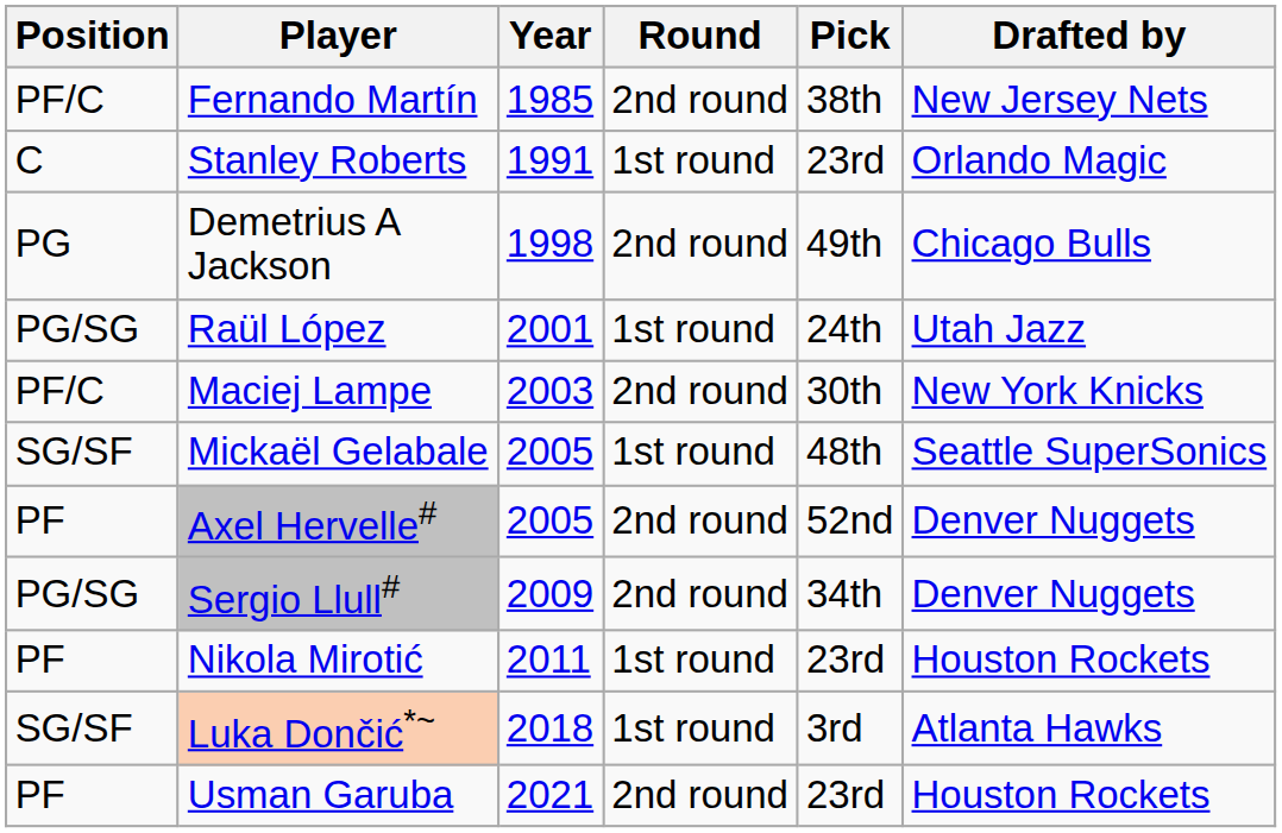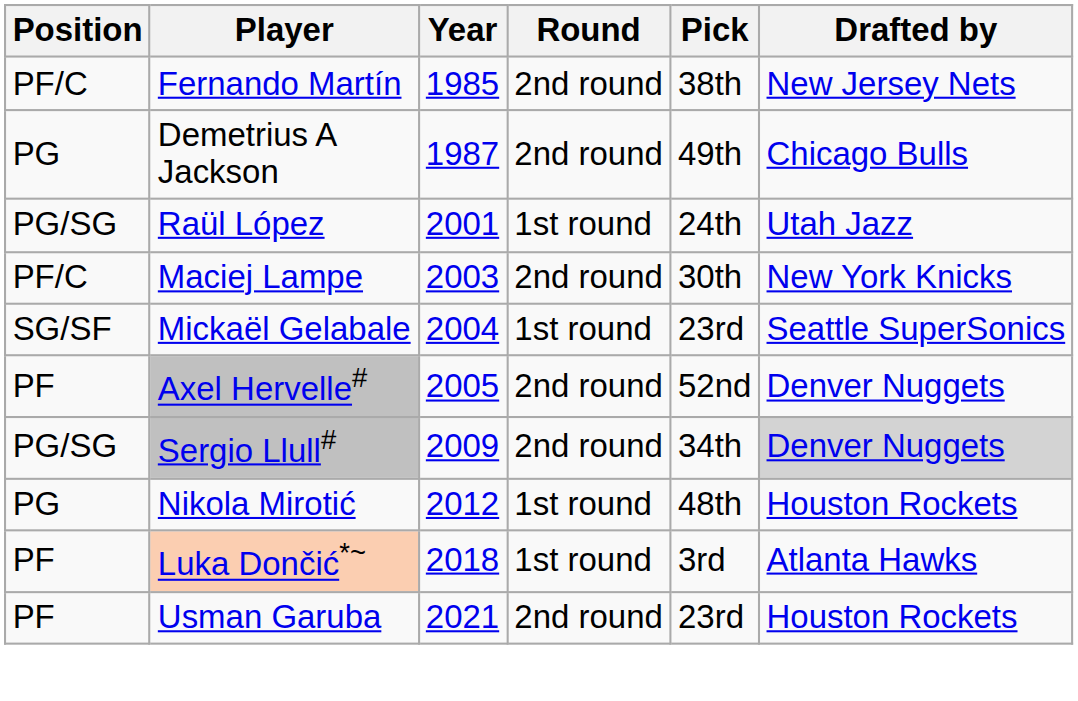 <table class="wikitable sortable" style="text-align: left;">
 <tr>
 <th>Position</th>
 <th>Player</th>
 <th>Year</th>
 <th>Round</th>
 <th>Pick</th>
 <th>Drafted by</th>
 </tr>
 <tr>
 <td>PF/C</td>
 <td> <a href='#'>Fernando Martín</a></td>
 <td><a href='#'>1985</a></td>
 <td>2nd round</td>
 <td>38th</td>
 <td><a href='#'>New Jersey Nets</a></td>
 </tr>
 <tr>
-<td>C</td>
-<td> <a href='#'>Stanley Roberts</a></td>
-<td><a href='#'>1991</a></td>
-<td>1st round</td>
-<td>23rd</td>
-<td><a href='#'>Orlando Magic</a></td>
-</tr>
-<tr>
 <td>PG</td>
 <td> Demetrius A<br>Jackson</td>
-<td><a href='#'>1998</a></td>
+<td><a href='#'>1987</a></td>
 <td>2nd round</td>
 <td>49th</td>
 <td><a href='#'>Chicago Bulls</a></td>
 </tr>
 <tr>
 <td>PG/SG</td>
 <td> <a href='#'>Raül López</a></td>
 <td><a href='#'>2001</a></td>
 <td>1st round</td>
 <td>24th</td>
 <td><a href='#'>Utah Jazz</a></td>
 </tr>
 <tr>
 <td>PF/C</td>
 <td> <a href='#'>Maciej Lampe</a></td>
 <td><a href='#'>2003</a></td>
 <td>2nd round</td>
 <td>30th</td>
 <td><a href='#'>New York Knicks</a></td>
 </tr>
 <tr>
 <td>SG/SF</td>
 <td> <a href='#'>Mickaël Gelabale</a></td>
-<td><a href='#'>2005</a></td>
+<td><a href='#'>2004</a></td>
 <td>1st round</td>
-<td>48th</td>
+<td>23rd</td>
 <td><a href='#'>Seattle SuperSonics</a></td>
 </tr>
 <tr>
 <td>PF</td>
 <td style="background:silver;"> <a href='#'>Axel Hervelle</a><sup>#</sup></td>
 <td><a href='#'>2005</a></td>
 <td>2nd round</td>
 <td>52nd</td>
 <td><a href='#'>Denver Nuggets</a></td>
 </tr>
 <tr>
 <td>PG/SG</td>
 <td style="background:silver;"> <a href='#'>Sergio Llull</a><sup>#</sup></td>
 <td><a href='#'>2009</a></td>
 <td>2nd round</td>
 <td>34th</td>
-<td><a href='#'>Denver Nuggets</a></td>
+<td style="background: lightgrey;"><a href='#'>Denver Nuggets</a></td>
+</tr>
+<tr>
+<td>PG</td>
+<td> <a href='#'>Nikola Mirotić</a></td>
+<td><a href='#'>2012</a></td>
+<td>1st round</td>
+<td>48th</td>
+<td><a href='#'>Houston Rockets</a></td>
 </tr>
 <tr>
 <td>PF</td>
-<td> <a href='#'>Nikola Mirotić</a></td>
-<td><a href='#'>2011</a></td>
-<td>1st round</td>
-<td>23rd</td>
-<td><a href='#'>Houston Rockets</a></td>
-</tr>
-<tr>
-<td>SG/SF</td>
 <td bgcolor="#FBCEB1"> <a href='#'>Luka Dončić</a><sup>*~</sup></td>
 <td><a href='#'>2018</a></td>
 <td>1st round</td>
 <td>3rd</td>
 <td><a href='#'>Atlanta Hawks</a></td>
 </tr>
 <tr>
 <td>PF</td>
 <td> <a href='#'>Usman Garuba</a></td>
 <td><a href='#'>2021</a></td>
 <td>2nd round</td>
 <td>23rd</td>
 <td><a href='#'>Houston Rockets</a></td>
 </tr>
 </table>
